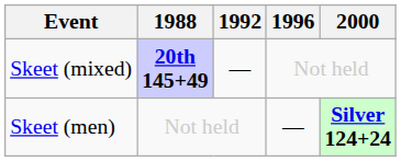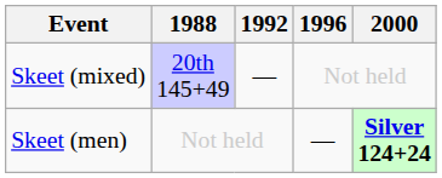 <table class="wikitable" style="text-align: center;">
 <tr>
 <th>Event</th>
 <th>1988</th>
 <th>1992</th>
 <th>1996</th>
 <th>2000</th>
 </tr>
 <tr>
 <td style="text-align: left;"><a href='#'>Skeet</a> (mixed)</td>
-<td style="background: #ccccff;"><strong><a href='#'>20th</a><br>145+49</strong></td>
+<td style="background: #ccccff;"><a href='#'>20th</a><br>145+49</td>
 <td>—</td>
 <td colspan=2 style="color: #cccccc;">Not held</td>
 </tr>
 <tr>
 <td style="text-align: left;"><a href='#'>Skeet</a> (men)</td>
 <td colspan=2 style="color: #cccccc;">Not held</td>
 <td>—</td>
 <td style="background-color: #ccffcc;"><strong> <a href='#'>Silver</a><br>124+24</strong></td>
 </tr>
 </table>
